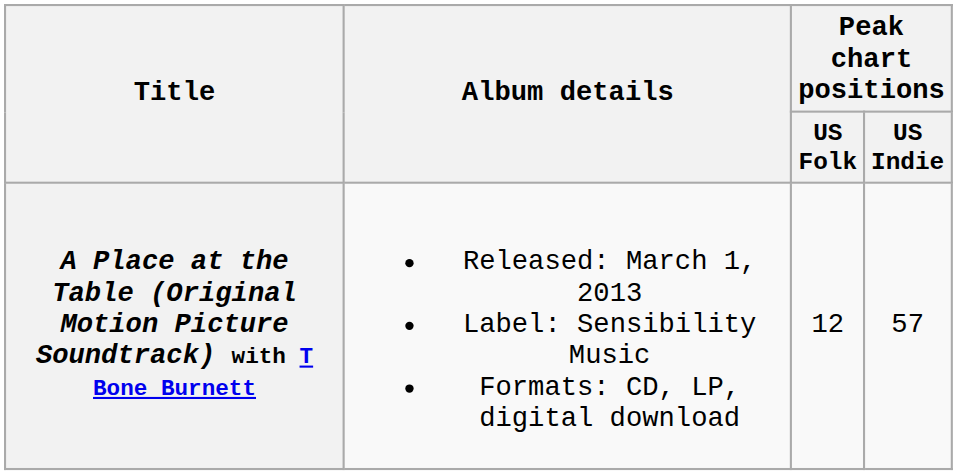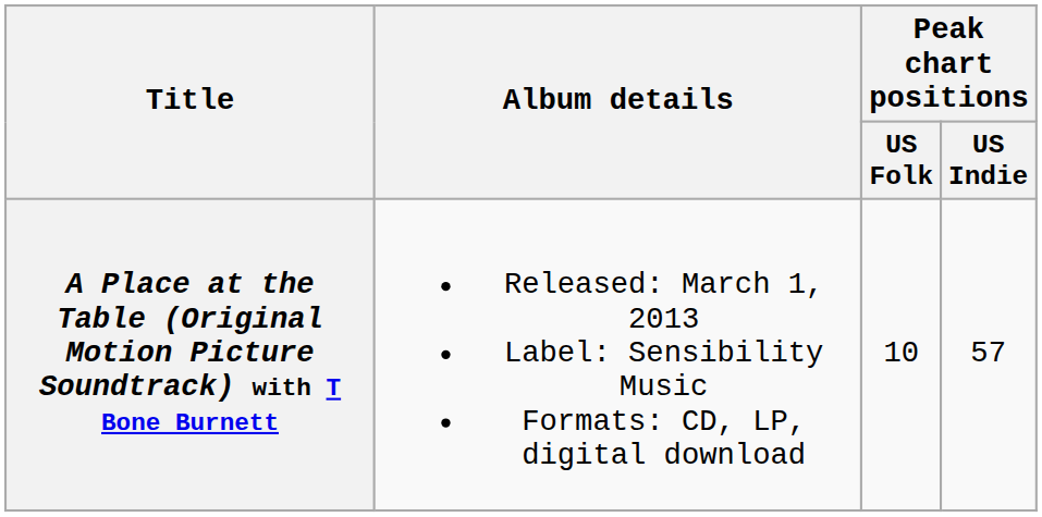 <table class="wikitable plainrowheaders" style="text-align:center;">
 <tr>
 <th scope="col" rowspan="2" style="width:12em;">Title</th>
 <th scope="col" rowspan="2" style="width:16em;">Album details</th>
 <th scope="col" colspan="2">Peak chart positions</th>
 </tr>
 <tr>
 <th scope="col" style="width:2.2em;font-size:90%;">US<br>Folk<br></th>
 <th scope="col" style="width:2.2em;font-size:90%;">US<br>Indie<br></th>
 </tr>
 <tr>
 <th scope="row"><em>A Place at the Table (Original Motion Picture Soundtrack)</em> <small>with <a href='#'>T Bone Burnett</a></small></th>
 <td><br><ul><li>Released: March 1, 2013</li><li>Label: Sensibility Music</li><li>Formats: CD, LP, digital download</li></ul></td>
-<td>12</td>
+<td>10</td>
 <td>57</td>
 </tr>
 </table>
